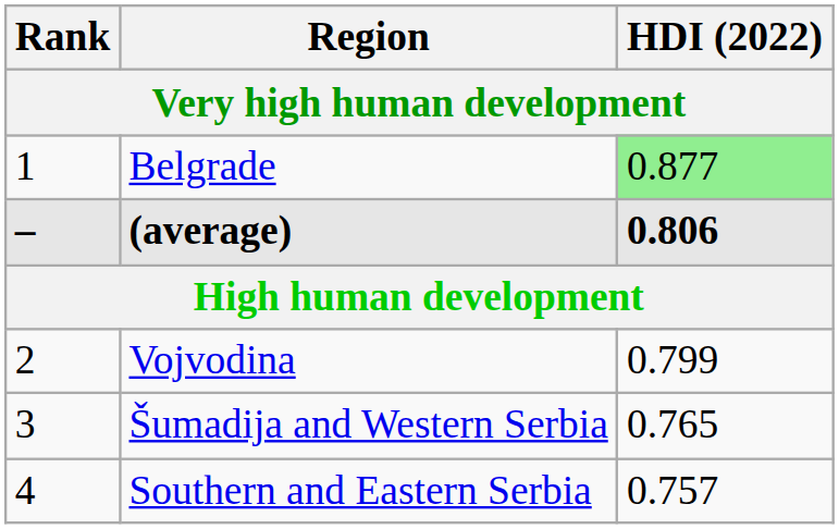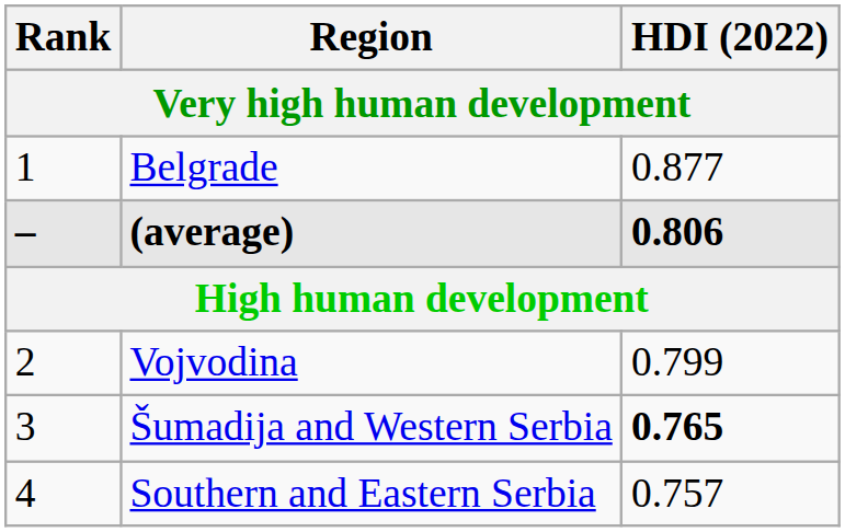 <table class="wikitable sortable">
 <tr>
 <th>Rank</th>
 <th>Region</th>
 <th>HDI (2022)</th>
 </tr>
 <tr>
 <th colspan="3" style="color:#090;">Very high human development</th>
 </tr>
 <tr>
 <td>1</td>
 <td><a href='#'>Belgrade</a></td>
-<td style="background: lightgreen;">0.877</td>
+<td>0.877</td>
 </tr>
 <tr style="background:#e6e6e6">
 <td><strong>–</strong></td>
 <td><strong> (average)</strong></td>
 <td><strong>0.806</strong></td>
 </tr>
 <tr>
 <th colspan="3" style="color:#0c0;">High human development</th>
 </tr>
 <tr>
 <td>2</td>
 <td><a href='#'>Vojvodina</a></td>
 <td>0.799</td>
 </tr>
 <tr>
 <td>3</td>
 <td><a href='#'>Šumadija and Western Serbia</a></td>
-<td>0.765</td>
+<td><strong>0.765</strong></td>
 </tr>
 <tr>
 <td>4</td>
 <td><a href='#'>Southern and Eastern Serbia</a></td>
 <td>0.757</td>
 </tr>
 </table>
